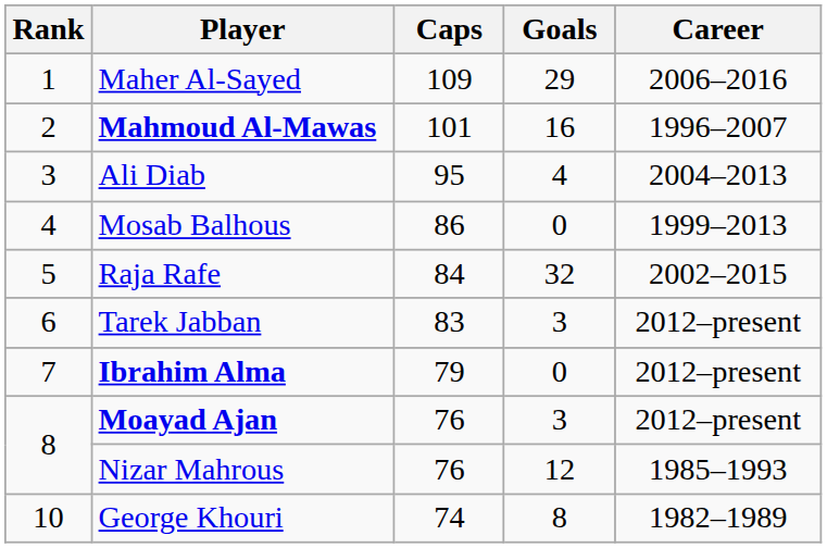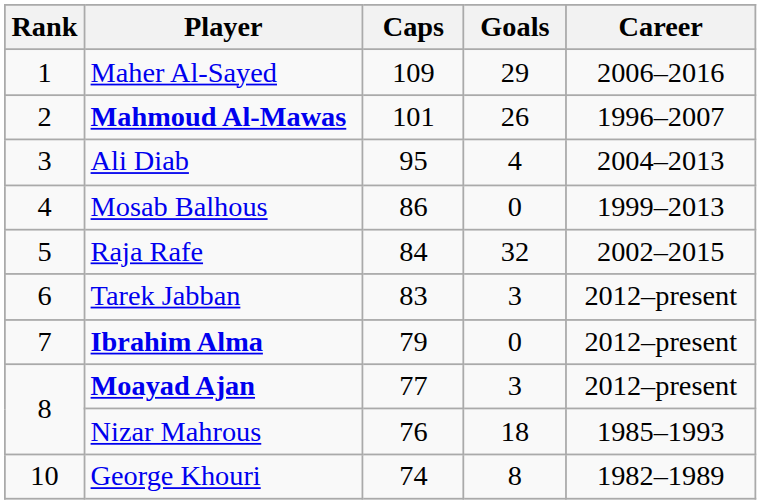 <table class="wikitable sortable" style="text-align:center">
 <tr>
 <th style=" width:30px;">Rank</th>
 <th style=" width:150px;">Player</th>
 <th style=" width:50px;">Caps</th>
 <th style=" width:50px;">Goals</th>
 <th style=" width:100px;">Career</th>
 </tr>
 <tr>
 <td>1</td>
 <td style="text-align:left"><a href='#'>Maher Al-Sayed</a></td>
 <td>109</td>
 <td>29</td>
 <td>2006–2016</td>
 </tr>
 <tr>
 <td>2</td>
 <td style="text-align:left"><strong><a href='#'>Mahmoud Al-Mawas</a></strong></td>
 <td>101</td>
-<td>16</td>
+<td>26</td>
 <td>1996–2007</td>
 </tr>
 <tr>
 <td>3</td>
 <td style="text-align:left"><a href='#'>Ali Diab</a></td>
 <td>95</td>
 <td>4</td>
 <td>2004–2013</td>
 </tr>
 <tr>
 <td>4</td>
 <td style="text-align:left"><a href='#'>Mosab Balhous</a></td>
 <td>86</td>
 <td>0</td>
 <td>1999–2013</td>
 </tr>
 <tr>
 <td>5</td>
 <td style="text-align:left"><a href='#'>Raja Rafe</a></td>
 <td>84</td>
 <td>32</td>
 <td>2002–2015</td>
 </tr>
 <tr>
 <td>6</td>
 <td style="text-align:left"><a href='#'>Tarek Jabban</a></td>
 <td>83</td>
 <td>3</td>
 <td>2012–present</td>
 </tr>
 <tr>
 <td>7</td>
 <td style="text-align:left"><strong><a href='#'>Ibrahim Alma</a></strong></td>
 <td>79</td>
 <td>0</td>
 <td>2012–present</td>
 </tr>
 <tr>
 <td rowspan=2>8</td>
 <td style="text-align:left"><strong><a href='#'>Moayad Ajan</a></strong></td>
-<td>76</td>
+<td>77</td>
 <td>3</td>
 <td>2012–present</td>
 </tr>
 <tr>
 <td style="text-align:left"><a href='#'>Nizar Mahrous</a></td>
 <td>76</td>
-<td>12</td>
+<td>18</td>
 <td>1985–1993</td>
 </tr>
 <tr>
 <td>10</td>
 <td style="text-align:left"><a href='#'>George Khouri</a></td>
 <td>74</td>
 <td>8</td>
 <td>1982–1989</td>
 </tr>
 </table>
